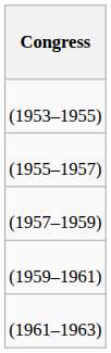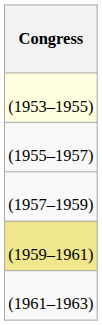 <table class="wikitable" style="float:left; margin:0; margin-right:-0.5px; margin-top:14px; text-align:center;">
 <tr style="white-space:nowrap; height:4.1em;">
 <th>Congress</th>
 </tr>
 <tr style="white-space:nowrap; height:3em;">
-<td><strong></strong><br>(1953–1955)</td>
+<td style="background: lightyellow;"><strong></strong><br>(1953–1955)</td>
 </tr>
 <tr style="white-space:nowrap; height:3em">
 <td><strong></strong><br>(1955–1957)</td>
 </tr>
 <tr style="white-space:nowrap; height:3em">
 <td><strong></strong><br>(1957–1959)</td>
 </tr>
 <tr style="white-space:nowrap; height:3em">
-<td><strong></strong><br>(1959–1961)</td>
+<td style="background: khaki;"><strong></strong><br>(1959–1961)</td>
 </tr>
 <tr style="white-space:nowrap; height:3em">
 <td><strong></strong><br>(1961–1963)</td>
 </tr>
 </table>
